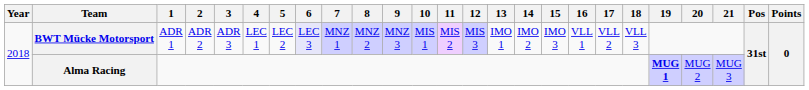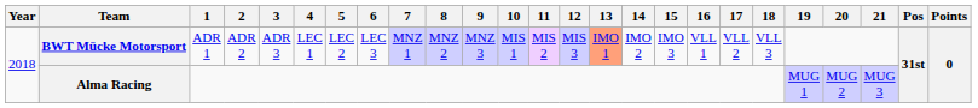 <table class="wikitable" style="text-align:center; font-size:85%;">
 <tr>
 <th>Year</th>
 <th>Team</th>
 <th>1</th>
 <th>2</th>
 <th>3</th>
 <th>4</th>
 <th>5</th>
 <th>6</th>
 <th>7</th>
 <th>8</th>
 <th>9</th>
 <th>10</th>
 <th>11</th>
 <th>12</th>
 <th>13</th>
 <th>14</th>
 <th>15</th>
 <th>16</th>
 <th>17</th>
 <th>18</th>
 <th>19</th>
 <th>20</th>
 <th>21</th>
 <th>Pos</th>
 <th>Points</th>
 </tr>
 <tr>
 <td id=2018R rowspan="2"><a href='#'>2018</a></td>
 <th nowrap><a href='#'>BWT Mücke Motorsport</a></th>
 <td><a href='#'>ADR<br>1</a></td>
 <td><a href='#'>ADR<br>2</a></td>
 <td><a href='#'>ADR<br>3</a></td>
 <td><a href='#'>LEC<br>1</a></td>
 <td><a href='#'>LEC<br>2</a></td>
-<td style="background: lavender;"><a href='#'>LEC<br>3</a></td>
+<td><a href='#'>LEC<br>3</a></td>
 <td style="background:#CFCFFF;"><a href='#'>MNZ<br>1</a><br></td>
 <td style="background:#CFCFFF;"><a href='#'>MNZ<br>2</a><br></td>
 <td style="background:#CFCFFF;"><a href='#'>MNZ<br>3</a><br></td>
 <td style="background:#CFCFFF;"><a href='#'>MIS<br>1</a><br></td>
 <td style="background:#EFCFFF;"><a href='#'>MIS<br>2</a><br></td>
 <td style="background:#CFCFFF;"><a href='#'>MIS<br>3</a><br></td>
-<td><a href='#'>IMO<br>1</a></td>
+<td style="background: lightsalmon;"><a href='#'>IMO<br>1</a></td>
 <td><a href='#'>IMO<br>2</a></td>
 <td><a href='#'>IMO<br>3</a></td>
 <td><a href='#'>VLL<br>1</a></td>
 <td><a href='#'>VLL<br>2</a></td>
 <td><a href='#'>VLL<br>3</a></td>
 <td colspan="3"></td>
 <th rowspan="2">31st</th>
 <th rowspan="2">0</th>
 </tr>
 <tr>
 <th nowrap>Alma Racing</th>
 <td colspan="18"></td>
-<td style="background:#CFCFFF;"><strong><a href='#'>MUG<br>1</a><br></strong></td>
+<td style="background:#CFCFFF;"><a href='#'>MUG<br>1</a><br></td>
 <td style="background:#CFCFFF;"><a href='#'>MUG<br>2</a><br></td>
 <td style="background:#CFCFFF;"><a href='#'>MUG<br>3</a><br></td>
 </tr>
 </table>
